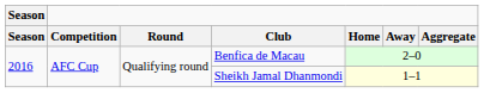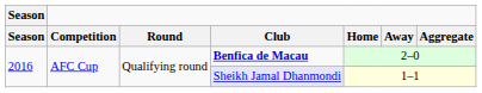 <table class="wikitable mw-collapsible mw-collapsed" align=center cellspacing="0" cellpadding="3" style="border:1px solid #AAAAAA; font-size:90%">
 <tr>
 <th>Season</th>
 </tr>
 <tr>
 <th>Season</th>
 <th>Competition</th>
 <th>Round</th>
 <th>Club</th>
 <th>Home</th>
 <th>Away</th>
 <th>Aggregate</th>
 </tr>
 <tr>
 <td rowspan="2"><a href='#'>2016</a></td>
 <td rowspan="2"><a href='#'>AFC Cup</a></td>
 <td rowspan="2">Qualifying round</td>
-<td> <a href='#'>Benfica de Macau</a></td>
+<td><strong> <a href='#'>Benfica de Macau</a></strong></td>
 <td bgcolor="#ddffdd" colspan=3 style="text-align:center;">2–0</td>
 </tr>
 <tr>
-<td> <a href='#'>Sheikh Jamal Dhanmondi</a></td>
+<td style="background: lavender;"> <a href='#'>Sheikh Jamal Dhanmondi</a></td>
 <td bgcolor="#ffffdd" colspan=3 style="text-align:center;">1–1</td>
 </tr>
 </table>
